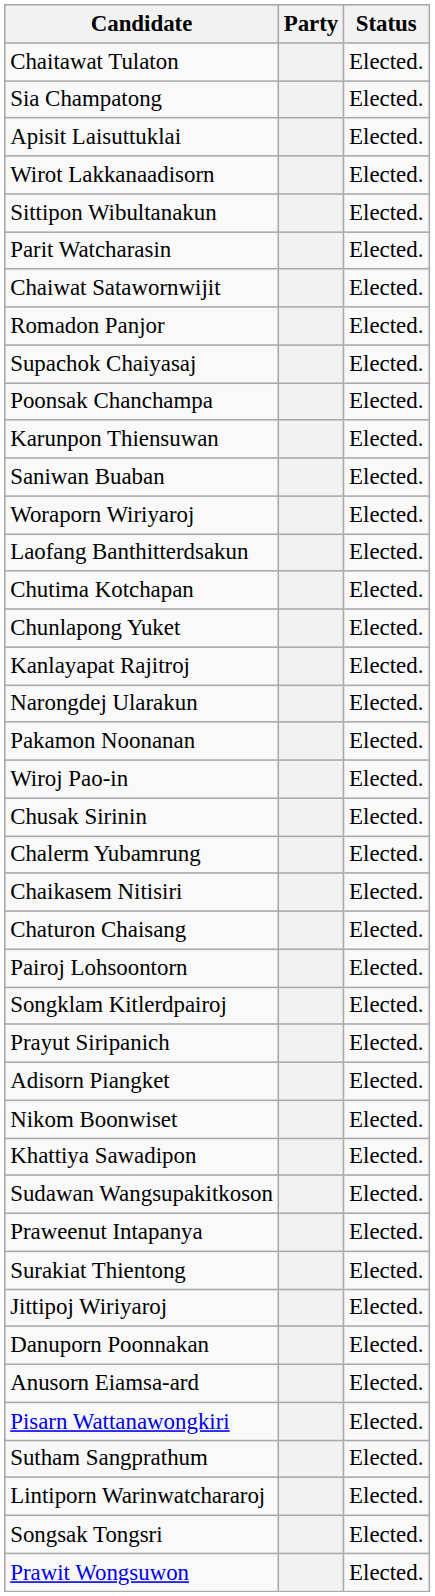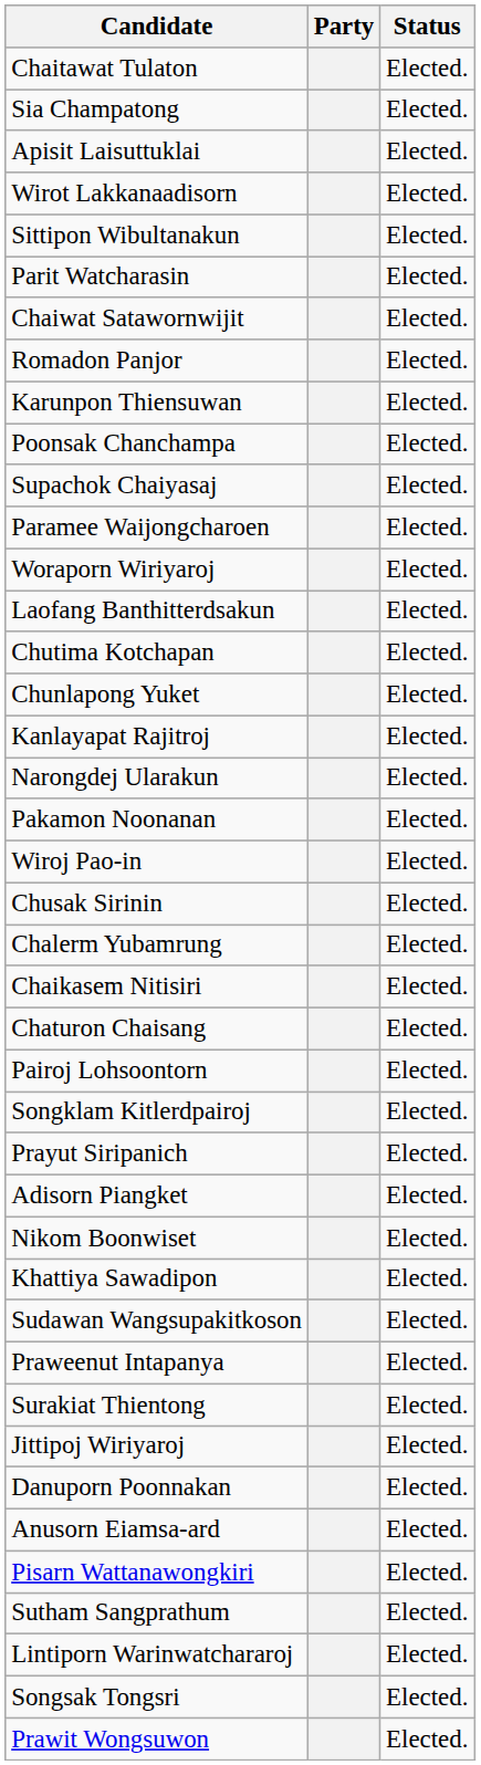 <table class="wikitable sortable" style="font-size:90%">
 <tr>
 <th>Candidate</th>
 <th>Party</th>
 <th>Status</th>
 </tr>
 <tr>
 <td>Chaitawat Tulaton</td>
 <th style="background-color:"></th>
 <td> Elected.</td>
 </tr>
 <tr>
 <td>Sia Champatong</td>
 <th style="background-color:"></th>
 <td> Elected.</td>
 </tr>
 <tr>
 <td>Apisit  Laisuttuklai</td>
 <th style="background-color:"></th>
 <td> Elected.</td>
 </tr>
 <tr>
 <td>Wirot Lakkanaadisorn</td>
 <th style="background-color:"></th>
 <td> Elected.</td>
 </tr>
 <tr>
 <td>Sittipon Wibultanakun</td>
 <th style="background-color:"></th>
 <td> Elected.</td>
 </tr>
 <tr>
 <td>Parit Watcharasin</td>
 <th style="background-color:"></th>
 <td> Elected.</td>
 </tr>
 <tr>
 <td>Chaiwat Satawornwijit</td>
 <th style="background-color:"></th>
 <td> Elected.</td>
 </tr>
 <tr>
 <td>Romadon Panjor</td>
 <th style="background-color:"></th>
 <td> Elected.</td>
 </tr>
 <tr>
-<td>Supachok Chaiyasaj</td>
+<td>Karunpon Thiensuwan</td>
 <th style="background-color:"></th>
 <td> Elected.</td>
 </tr>
 <tr>
 <td>Poonsak Chanchampa</td>
 <th style="background-color:"></th>
 <td> Elected.</td>
 </tr>
 <tr>
-<td>Karunpon Thiensuwan</td>
+<td>Supachok Chaiyasaj</td>
 <th style="background-color:"></th>
 <td> Elected.</td>
 </tr>
 <tr>
-<td>Saniwan Buaban</td>
+<td>Paramee Waijongcharoen</td>
 <th style="background-color:"></th>
 <td> Elected.</td>
 </tr>
 <tr>
 <td>Woraporn Wiriyaroj</td>
 <th style="background-color:"></th>
 <td> Elected.</td>
 </tr>
 <tr>
 <td>Laofang Banthitterdsakun</td>
 <th style="background-color:"></th>
 <td> Elected.</td>
 </tr>
 <tr>
 <td>Chutima Kotchapan</td>
 <th style="background-color:"></th>
 <td> Elected.</td>
 </tr>
 <tr>
 <td>Chunlapong Yuket</td>
 <th style="background-color:"></th>
 <td> Elected.</td>
 </tr>
 <tr>
 <td>Kanlayapat Rajitroj</td>
 <th style="background-color:"></th>
 <td> Elected.</td>
 </tr>
 <tr>
 <td>Narongdej Ularakun</td>
 <th style="background-color:"></th>
 <td> Elected.</td>
 </tr>
 <tr>
 <td>Pakamon Noonanan</td>
 <th style="background-color:"></th>
 <td> Elected.</td>
 </tr>
 <tr>
 <td>Wiroj Pao-in</td>
 <th style="background-color:"></th>
 <td> Elected.</td>
 </tr>
 <tr>
 <td>Chusak Sirinin</td>
 <th style="background-color:"></th>
 <td> Elected.</td>
 </tr>
 <tr>
 <td>Chalerm Yubamrung</td>
 <th style="background-color:"></th>
 <td> Elected.</td>
 </tr>
 <tr>
 <td>Chaikasem Nitisiri</td>
 <th style="background-color:"></th>
 <td> Elected.</td>
 </tr>
 <tr>
 <td>Chaturon Chaisang</td>
 <th style="background-color:"></th>
 <td> Elected.</td>
 </tr>
 <tr>
 <td>Pairoj Lohsoontorn</td>
 <th style="background-color:"></th>
 <td> Elected.</td>
 </tr>
 <tr>
 <td>Songklam Kitlerdpairoj</td>
 <th style="background-color:"></th>
 <td> Elected.</td>
 </tr>
 <tr>
 <td>Prayut Siripanich</td>
 <th style="background-color:"></th>
 <td> Elected.</td>
 </tr>
 <tr>
 <td>Adisorn Piangket</td>
 <th style="background-color:"></th>
 <td> Elected.</td>
 </tr>
 <tr>
 <td>Nikom Boonwiset</td>
 <th style="background-color:"></th>
 <td> Elected.</td>
 </tr>
 <tr>
 <td>Khattiya Sawadipon</td>
 <th style="background-color:"></th>
 <td> Elected.</td>
 </tr>
 <tr>
 <td>Sudawan Wangsupakitkoson</td>
 <th style="background-color:"></th>
 <td> Elected.</td>
 </tr>
 <tr>
 <td>Praweenut Intapanya</td>
 <th style="background-color:"></th>
 <td> Elected.</td>
 </tr>
 <tr>
 <td>Surakiat Thientong</td>
 <th style="background-color:"></th>
 <td> Elected.</td>
 </tr>
 <tr>
 <td>Jittipoj Wiriyaroj</td>
 <th style="background-color:"></th>
 <td> Elected.</td>
 </tr>
 <tr>
 <td>Danuporn Poonnakan</td>
 <th style="background-color:"></th>
 <td> Elected.</td>
 </tr>
 <tr>
 <td>Anusorn Eiamsa-ard</td>
 <th style="background-color:"></th>
 <td> Elected.</td>
 </tr>
 <tr>
 <td><a href='#'>Pisarn Wattanawongkiri</a></td>
 <th style="background-color:"></th>
 <td> Elected.</td>
 </tr>
 <tr>
 <td>Sutham Sangprathum</td>
 <th style="background-color:"></th>
 <td> Elected.</td>
 </tr>
 <tr>
 <td>Lintiporn Warinwatchararoj</td>
 <th style="background-color:"></th>
 <td> Elected.</td>
 </tr>
 <tr>
 <td>Songsak Tongsri</td>
 <th style="background-color:"></th>
 <td> Elected.</td>
 </tr>
 <tr>
 <td><a href='#'>Prawit Wongsuwon</a></td>
 <th style="background-color:"></th>
 <td> Elected.</td>
 </tr>
 </table>
